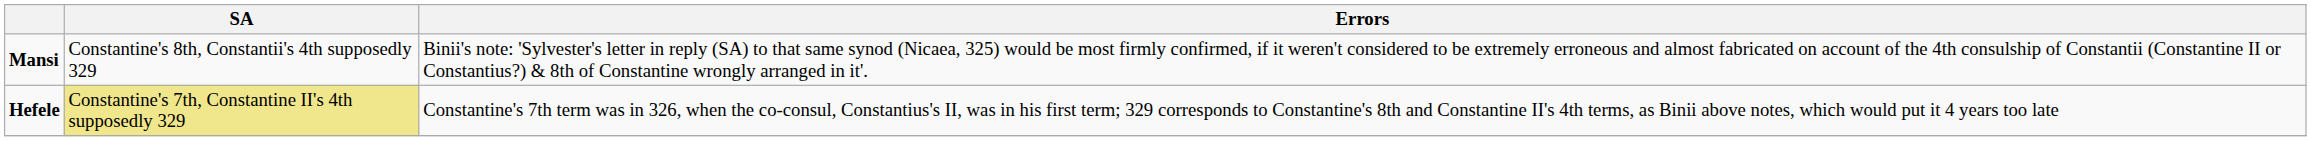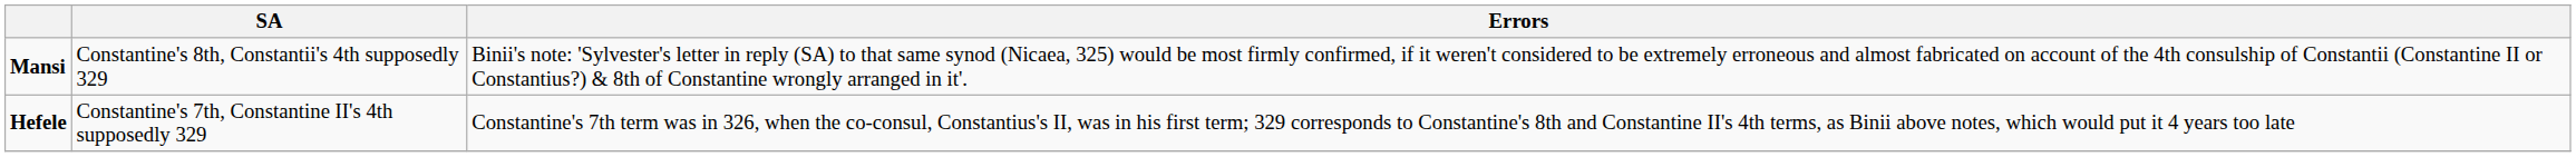 <table class="wikitable">
 <tr>
 <th></th>
 <th><strong>SA</strong></th>
 <th><strong>Errors</strong></th>
 </tr>
 <tr>
 <td><strong>Mansi</strong></td>
 <td>Constantine's 8th, Constantii's 4th supposedly 329</td>
 <td>Binii's note: 'Sylvester's letter in reply (SA) to that same synod (Nicaea, 325) would be most firmly confirmed, if it weren't considered to be extremely erroneous and almost fabricated on account of the 4th consulship of Constantii (Constantine II or Constantius?) & 8th of Constantine wrongly arranged in it'.</td>
 </tr>
 <tr>
 <td><strong>Hefele</strong></td>
-<td style="background: khaki;">Constantine's 7th, Constantine II's 4th supposedly 329</td>
+<td>Constantine's 7th, Constantine II's 4th supposedly 329</td>
 <td>Constantine's 7th term was in 326, when the co-consul, Constantius's II, was in his first term; 329 corresponds to Constantine's 8th and Constantine II's 4th terms, as Binii above notes, which would put it 4 years too late</td>
 </tr>
 <tr>
 </tr>
 </table>
